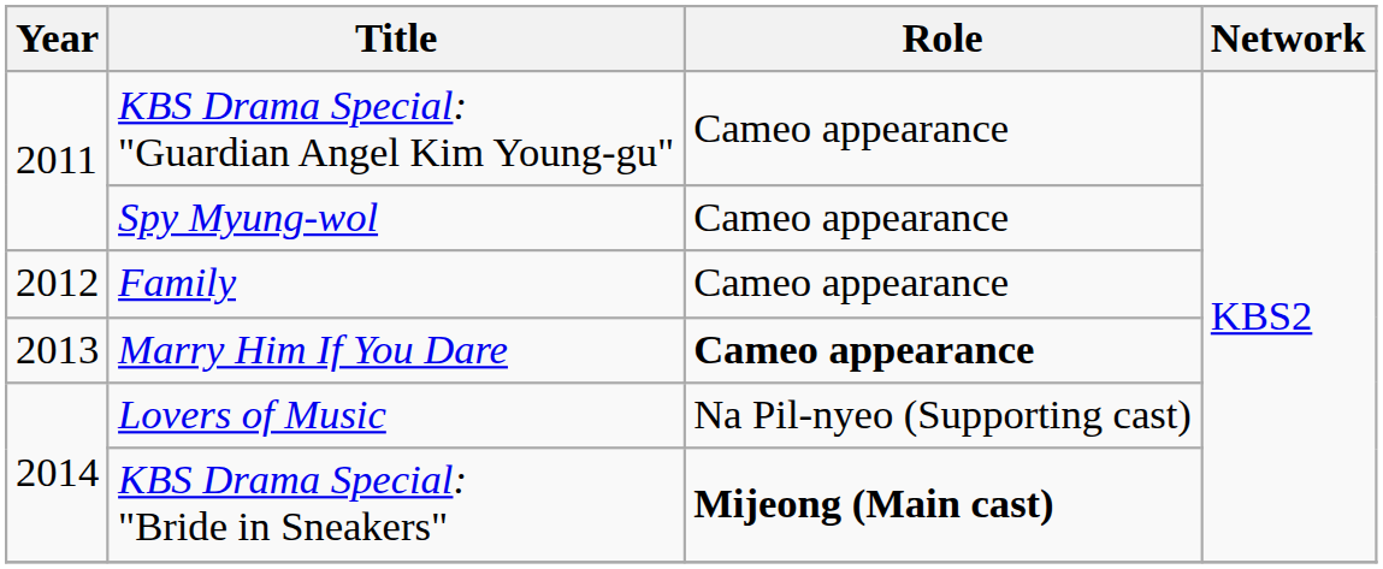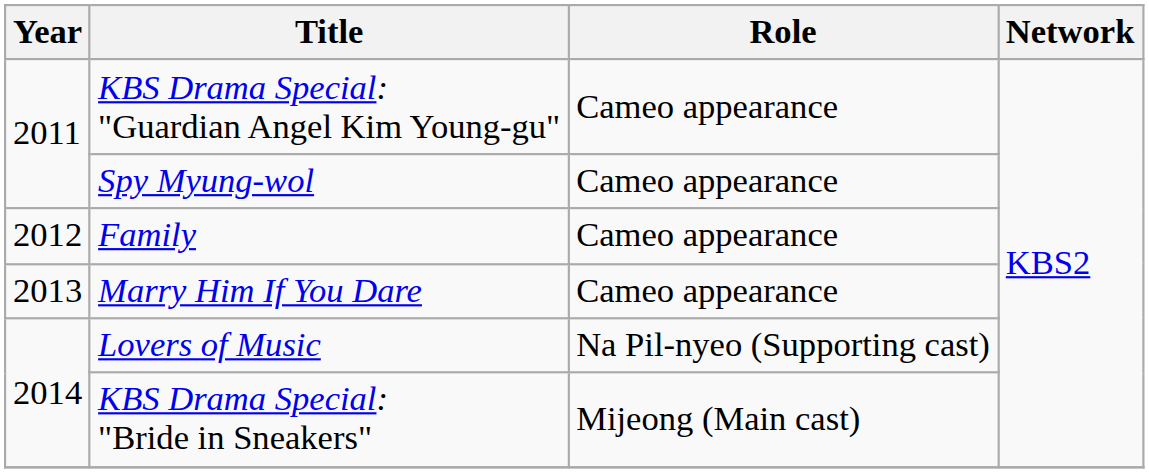 <table class="wikitable">
 <tr>
 <th>Year</th>
 <th>Title</th>
 <th>Role</th>
 <th>Network</th>
 </tr>
 <tr>
 <td rowspan=2>2011</td>
 <td><em><a href='#'>KBS Drama Special</a>:</em><br>"Guardian Angel Kim Young-gu"</td>
 <td>Cameo appearance</td>
 <td rowspan=6><a href='#'>KBS2</a></td>
 </tr>
 <tr>
 <td><em><a href='#'>Spy Myung-wol</a></em></td>
 <td>Cameo appearance</td>
 </tr>
 <tr>
 <td>2012</td>
 <td><em><a href='#'>Family</a></em></td>
 <td>Cameo appearance</td>
 </tr>
 <tr>
 <td>2013</td>
 <td><em><a href='#'>Marry Him If You Dare</a></em></td>
-<td><strong>Cameo appearance</strong></td>
+<td>Cameo appearance</td>
 </tr>
 <tr>
 <td rowspan=2>2014</td>
 <td><em><a href='#'>Lovers of Music</a></em></td>
 <td>Na Pil-nyeo (Supporting cast)</td>
 </tr>
 <tr>
 <td><em><a href='#'>KBS Drama Special</a>:</em><br>"Bride in Sneakers"</td>
-<td><strong>Mijeong (Main cast)</strong></td>
+<td>Mijeong (Main cast)</td>
 </tr>
 <tr>
 </tr>
 </table>
